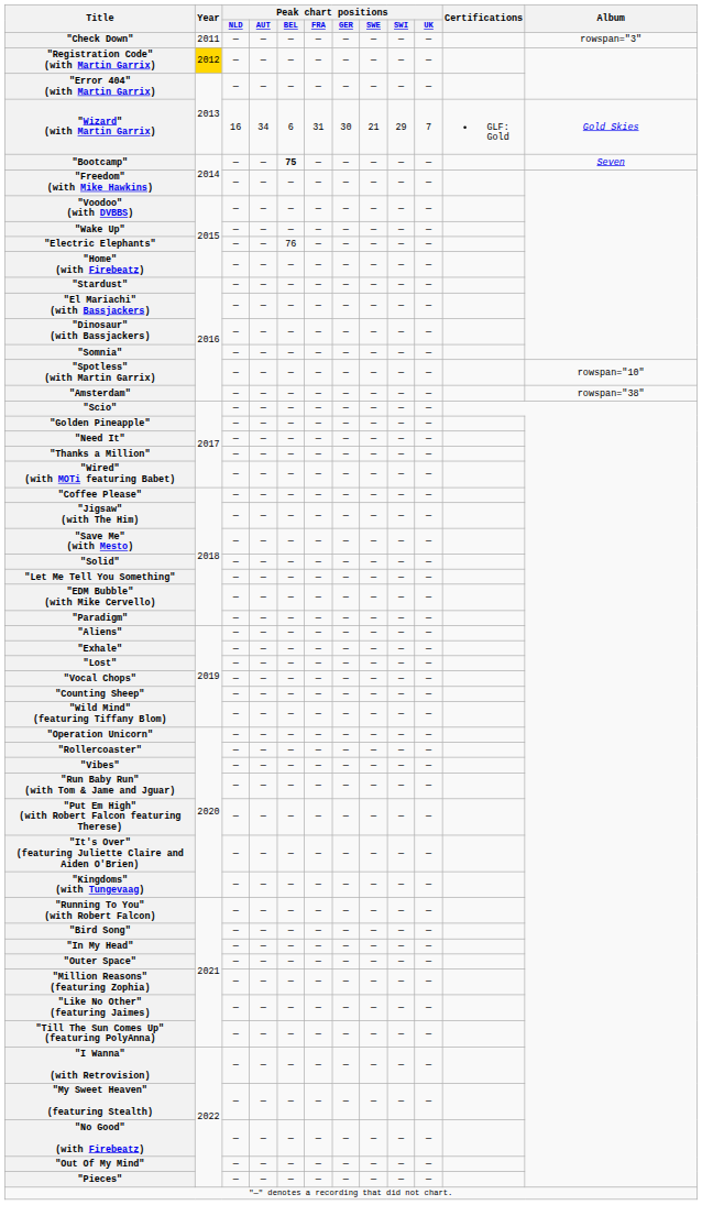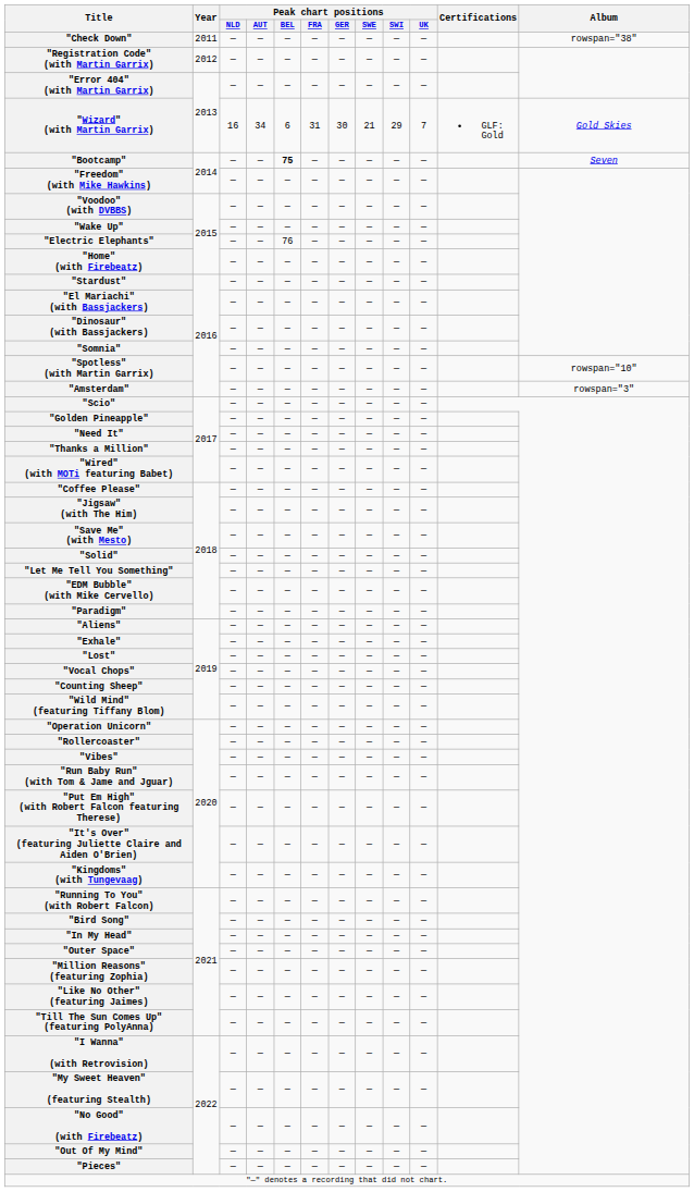 <table class="wikitable plainrowheaders" style="text-align:center;" border="1">
 <tr>
 <th scope="col" rowspan="2" style="width:20em;">Title</th>
 <th scope="col" rowspan="2" style="width:1em;">Year</th>
 <th scope="col" colspan="8">Peak chart positions</th>
 <th scope="col" rowspan="2" style="width:3em;">Certifications</th>
 <th scope="col" rowspan="2" style="width:18em;">Album</th>
 </tr>
 <tr>
 <th scope="col" style="width:3em;font-size:85%;"><a href='#'>NLD</a><br></th>
 <th scope="col" style="width:3em;font-size:85%;"><a href='#'>AUT</a><br></th>
 <th scope="col" style="width:3em;font-size:85%;"><a href='#'>BEL</a><br></th>
 <th scope="col" style="width:3em;font-size:85%;"><a href='#'>FRA</a><br></th>
 <th scope="col" style="width:3em;font-size:85%;"><a href='#'>GER</a><br></th>
 <th scope="col" style="width:3em;font-size:85%;"><a href='#'>SWE</a><br></th>
 <th scope="col" style="width:3em;font-size:85%;"><a href='#'>SWI</a><br></th>
 <th scope="col" style="width:3em;font-size:85%;"><a href='#'>UK</a></th>
 </tr>
 <tr>
 <th scope="row">"Check Down"</th>
 <td>2011</td>
 <td>—</td>
 <td>—</td>
 <td>—</td>
 <td>—</td>
 <td>—</td>
 <td>—</td>
 <td>—</td>
 <td>—</td>
 <td></td>
-<td>rowspan="3" </td>
+<td>rowspan="38" </td>
 </tr>
 <tr>
 <th scope="row">"Registration Code"<br><span>(with <a href='#'>Martin Garrix</a>)</span></th>
-<td rowspan="1" style="background: gold;">2012</td>
+<td rowspan="1">2012</td>
 <td>—</td>
 <td>—</td>
 <td>—</td>
 <td>—</td>
 <td>—</td>
 <td>—</td>
 <td>—</td>
 <td>—</td>
 <td></td>
 </tr>
 <tr>
 <th scope="row">"Error 404"<br><span>(with <a href='#'>Martin Garrix</a>)</span></th>
 <td rowspan="2">2013</td>
 <td>—</td>
 <td>—</td>
 <td>—</td>
 <td>—</td>
 <td>—</td>
 <td>—</td>
 <td>—</td>
 <td>—</td>
 <td></td>
 </tr>
 <tr>
 <th scope="row">"<a href='#'>Wizard</a>"<br><span>(with <a href='#'>Martin Garrix</a>)</span></th>
 <td>16</td>
 <td>34</td>
 <td>6</td>
 <td>31</td>
 <td>30</td>
 <td>21</td>
 <td>29</td>
 <td>7</td>
 <td><br><ul><li>GLF: Gold</li></ul></td>
 <td><em><a href='#'>Gold Skies</a></em></td>
 </tr>
 <tr>
 <th scope="row">"Bootcamp"</th>
 <td rowspan="2">2014</td>
 <td>—</td>
 <td>—</td>
 <td><strong>75</strong></td>
 <td>—</td>
 <td>—</td>
 <td>—</td>
 <td>—</td>
 <td>—</td>
 <td></td>
 <td><em><a href='#'>Seven</a></em></td>
 </tr>
 <tr>
 <th scope="row">"Freedom"<br><span>(with <a href='#'>Mike Hawkins</a>)</span></th>
 <td>—</td>
 <td>—</td>
 <td>—</td>
 <td>—</td>
 <td>—</td>
 <td>—</td>
 <td>—</td>
 <td>—</td>
 <td></td>
 </tr>
 <tr>
 <th scope="row">"Voodoo"<br><span>(with <a href='#'>DVBBS</a>)</span></th>
 <td rowspan="4">2015</td>
 <td>—</td>
 <td>—</td>
 <td>—</td>
 <td>—</td>
 <td>—</td>
 <td>—</td>
 <td>—</td>
 <td>—</td>
 <td></td>
 </tr>
 <tr>
 <th scope="row">"Wake Up"</th>
 <td>—</td>
 <td>—</td>
 <td>—</td>
 <td>—</td>
 <td>—</td>
 <td>—</td>
 <td>—</td>
 <td>—</td>
 <td></td>
 </tr>
 <tr>
 <th scope="row">"Electric Elephants"</th>
 <td>—</td>
 <td>—</td>
 <td>76</td>
 <td>—</td>
 <td>—</td>
 <td>—</td>
 <td>—</td>
 <td>—</td>
 <td></td>
 </tr>
 <tr>
 <th scope="row">"Home"<br><span>(with <a href='#'>Firebeatz</a>)</span></th>
 <td>—</td>
 <td>—</td>
 <td>—</td>
 <td>—</td>
 <td>—</td>
 <td>—</td>
 <td>—</td>
 <td>—</td>
 <td></td>
 </tr>
 <tr>
 <th scope="row">"Stardust"</th>
 <td rowspan="6">2016</td>
 <td>—</td>
 <td>—</td>
 <td>—</td>
 <td>—</td>
 <td>—</td>
 <td>—</td>
 <td>—</td>
 <td>—</td>
 <td></td>
 </tr>
 <tr>
 <th scope="row">"El Mariachi"<br><span>(with <a href='#'>Bassjackers</a>)</span></th>
 <td>—</td>
 <td>—</td>
 <td>—</td>
 <td>—</td>
 <td>—</td>
 <td>—</td>
 <td>—</td>
 <td>—</td>
 <td></td>
 </tr>
 <tr>
 <th scope="row">"Dinosaur"<br><span>(with Bassjackers)</span></th>
 <td>—</td>
 <td>—</td>
 <td>—</td>
 <td>—</td>
 <td>—</td>
 <td>—</td>
 <td>—</td>
 <td>—</td>
 <td></td>
 </tr>
 <tr>
 <th scope="row">"Somnia"</th>
 <td>—</td>
 <td>—</td>
 <td>—</td>
 <td>—</td>
 <td>—</td>
 <td>—</td>
 <td>—</td>
 <td>—</td>
 <td></td>
 </tr>
 <tr>
 <th scope="row">"Spotless"<br><span>(with Martin Garrix)</span></th>
 <td>—</td>
 <td>—</td>
 <td>—</td>
 <td>—</td>
 <td>—</td>
 <td>—</td>
 <td>—</td>
 <td>—</td>
 <td></td>
 <td>rowspan="10" </td>
 </tr>
 <tr>
 <th scope="row">"Amsterdam"</th>
 <td>—</td>
 <td>—</td>
 <td>—</td>
 <td>—</td>
 <td>—</td>
 <td>—</td>
 <td>—</td>
 <td>—</td>
 <td></td>
-<td>rowspan="38" </td>
+<td>rowspan="3" </td>
 </tr>
 <tr>
 <th scope="row">"Scio"</th>
 <td rowspan="5">2017</td>
 <td>—</td>
 <td>—</td>
 <td>—</td>
 <td>—</td>
 <td>—</td>
 <td>—</td>
 <td>—</td>
 <td>—</td>
 </tr>
 <tr>
 <th scope="row">"Golden Pineapple"</th>
 <td>—</td>
 <td>—</td>
 <td>—</td>
 <td>—</td>
 <td>—</td>
 <td>—</td>
 <td>—</td>
 <td>—</td>
 <td></td>
 </tr>
 <tr>
 <th scope="row">"Need It"</th>
 <td>—</td>
 <td>—</td>
 <td>—</td>
 <td>—</td>
 <td>—</td>
 <td>—</td>
 <td>—</td>
 <td>—</td>
 <td></td>
 </tr>
 <tr>
 <th scope="row">"Thanks a Million"</th>
 <td>—</td>
 <td>—</td>
 <td>—</td>
 <td>—</td>
 <td>—</td>
 <td>—</td>
 <td>—</td>
 <td>—</td>
 <td></td>
 </tr>
 <tr>
 <th scope="row">"Wired" <br><span>(with <a href='#'>MOTi</a> featuring Babet)</span></th>
 <td>—</td>
 <td>—</td>
 <td>—</td>
 <td>—</td>
 <td>—</td>
 <td>—</td>
 <td>—</td>
 <td>—</td>
 <td></td>
 </tr>
 <tr>
 <th scope="row">"Coffee Please"</th>
 <td rowspan="7">2018</td>
 <td>—</td>
 <td>—</td>
 <td>—</td>
 <td>—</td>
 <td>—</td>
 <td>—</td>
 <td>—</td>
 <td>—</td>
 <td></td>
 </tr>
 <tr>
 <th scope="row">"Jigsaw" <br><span>(with The Him)</span></th>
 <td>—</td>
 <td>—</td>
 <td>—</td>
 <td>—</td>
 <td>—</td>
 <td>—</td>
 <td>—</td>
 <td>—</td>
 <td></td>
 </tr>
 <tr>
 <th scope="row">"Save Me" <br><span>(with <a href='#'>Mesto</a>)</span></th>
 <td>—</td>
 <td>—</td>
 <td>—</td>
 <td>—</td>
 <td>—</td>
 <td>—</td>
 <td>—</td>
 <td>—</td>
 <td></td>
 </tr>
 <tr>
 <th scope="row">"Solid"</th>
 <td>—</td>
 <td>—</td>
 <td>—</td>
 <td>—</td>
 <td>—</td>
 <td>—</td>
 <td>—</td>
 <td>—</td>
 <td></td>
 </tr>
 <tr>
 <th scope="row">"Let Me Tell You Something"</th>
 <td>—</td>
 <td>—</td>
 <td>—</td>
 <td>—</td>
 <td>—</td>
 <td>—</td>
 <td>—</td>
 <td>—</td>
 <td></td>
 </tr>
 <tr>
 <th scope="row">"EDM Bubble" <br><span>(with Mike Cervello)</span></th>
 <td>—</td>
 <td>—</td>
 <td>—</td>
 <td>—</td>
 <td>—</td>
 <td>—</td>
 <td>—</td>
 <td>—</td>
 <td></td>
 </tr>
 <tr>
 <th scope="row">"Paradigm"</th>
 <td>—</td>
 <td>—</td>
 <td>—</td>
 <td>—</td>
 <td>—</td>
 <td>—</td>
 <td>—</td>
 <td>—</td>
 <td></td>
 </tr>
 <tr>
 <th scope="row">"Aliens"</th>
 <td rowspan="6">2019</td>
 <td>—</td>
 <td>—</td>
 <td>—</td>
 <td>—</td>
 <td>—</td>
 <td>—</td>
 <td>—</td>
 <td>—</td>
 <td></td>
 </tr>
 <tr>
 <th scope="row">"Exhale"</th>
 <td>—</td>
 <td>—</td>
 <td>—</td>
 <td>—</td>
 <td>—</td>
 <td>—</td>
 <td>—</td>
 <td>—</td>
 <td></td>
 </tr>
 <tr>
 <th scope="row">"Lost"</th>
 <td>—</td>
 <td>—</td>
 <td>—</td>
 <td>—</td>
 <td>—</td>
 <td>—</td>
 <td>—</td>
 <td>—</td>
 <td></td>
 </tr>
 <tr>
 <th scope="row">"Vocal Chops"</th>
 <td>—</td>
 <td>—</td>
 <td>—</td>
 <td>—</td>
 <td>—</td>
 <td>—</td>
 <td>—</td>
 <td>—</td>
 <td></td>
 </tr>
 <tr>
 <th scope="row">"Counting Sheep"</th>
 <td>—</td>
 <td>—</td>
 <td>—</td>
 <td>—</td>
 <td>—</td>
 <td>—</td>
 <td>—</td>
 <td>—</td>
 <td></td>
 </tr>
 <tr>
 <th scope="row">"Wild Mind"<br><span>(featuring Tiffany Blom)</span></th>
 <td>—</td>
 <td>—</td>
 <td>—</td>
 <td>—</td>
 <td>—</td>
 <td>—</td>
 <td>—</td>
 <td>—</td>
 <td></td>
 </tr>
 <tr>
 <th scope="row">"Operation Unicorn"</th>
 <td rowspan="7">2020</td>
 <td>—</td>
 <td>—</td>
 <td>—</td>
 <td>—</td>
 <td>—</td>
 <td>—</td>
 <td>—</td>
 <td>—</td>
 <td></td>
 </tr>
 <tr>
 <th scope="row">"Rollercoaster"</th>
 <td>—</td>
 <td>—</td>
 <td>—</td>
 <td>—</td>
 <td>—</td>
 <td>—</td>
 <td>—</td>
 <td>—</td>
 <td></td>
 </tr>
 <tr>
 <th scope="row">"Vibes"</th>
 <td>—</td>
 <td>—</td>
 <td>—</td>
 <td>—</td>
 <td>—</td>
 <td>—</td>
 <td>—</td>
 <td>—</td>
 <td></td>
 </tr>
 <tr>
 <th scope="row">"Run Baby Run" <br><span>(with Tom & Jame and Jguar)</span></th>
 <td>—</td>
 <td>—</td>
 <td>—</td>
 <td>—</td>
 <td>—</td>
 <td>—</td>
 <td>—</td>
 <td>—</td>
 <td></td>
 </tr>
 <tr>
 <th scope="row">"Put Em High" <br><span>(with Robert Falcon featuring Therese)</span></th>
 <td>—</td>
 <td>—</td>
 <td>—</td>
 <td>—</td>
 <td>—</td>
 <td>—</td>
 <td>—</td>
 <td>—</td>
 <td></td>
 </tr>
 <tr>
 <th scope="row">"It's Over" <br><span>(featuring Juliette Claire and Aiden O'Brien)</span></th>
 <td>—</td>
 <td>—</td>
 <td>—</td>
 <td>—</td>
 <td>—</td>
 <td>—</td>
 <td>—</td>
 <td>—</td>
 <td></td>
 </tr>
 <tr>
 <th scope="row">"Kingdoms" <br><span>(with <a href='#'>Tungevaag</a>)</span></th>
 <td>—</td>
 <td>—</td>
 <td>—</td>
 <td>—</td>
 <td>—</td>
 <td>—</td>
 <td>—</td>
 <td>—</td>
 <td></td>
 </tr>
 <tr>
 <th scope="row">"Running To You" <br><span>(with Robert Falcon)</span></th>
 <td rowspan="7">2021</td>
 <td>—</td>
 <td>—</td>
 <td>—</td>
 <td>—</td>
 <td>—</td>
 <td>—</td>
 <td>—</td>
 <td>—</td>
 <td></td>
 </tr>
 <tr>
 <th scope="row">"Bird Song"</th>
 <td>—</td>
 <td>—</td>
 <td>—</td>
 <td>—</td>
 <td>—</td>
 <td>—</td>
 <td>—</td>
 <td>—</td>
 <td></td>
 </tr>
 <tr>
 <th scope="row">"In My Head"</th>
 <td>—</td>
 <td>—</td>
 <td>—</td>
 <td>—</td>
 <td>—</td>
 <td>—</td>
 <td>—</td>
 <td>—</td>
 <td></td>
 </tr>
 <tr>
 <th scope="row">"Outer Space"</th>
 <td>—</td>
 <td>—</td>
 <td>—</td>
 <td>—</td>
 <td>—</td>
 <td>—</td>
 <td>—</td>
 <td>—</td>
 <td></td>
 </tr>
 <tr>
 <th scope="row">"Million Reasons"<br><span>(featuring Zophia)</span></th>
 <td>—</td>
 <td>—</td>
 <td>—</td>
 <td>—</td>
 <td>—</td>
 <td>—</td>
 <td>—</td>
 <td>—</td>
 <td></td>
 </tr>
 <tr>
 <th scope="row">"Like No Other"<br><span>(featuring Jaimes)</span></th>
 <td>—</td>
 <td>—</td>
 <td>—</td>
 <td>—</td>
 <td>—</td>
 <td>—</td>
 <td>—</td>
 <td>—</td>
 <td></td>
 </tr>
 <tr>
 <th scope="row">"Till The Sun Comes Up"<br><span>(featuring PolyAnna)</span></th>
 <td>—</td>
 <td>—</td>
 <td>—</td>
 <td>—</td>
 <td>—</td>
 <td>—</td>
 <td>—</td>
 <td>—</td>
 <td></td>
 </tr>
 <tr>
 <th scope="row">"I Wanna"<br><br><span>(with Retrovision)</span></th>
 <td rowspan="5">2022</td>
 <td>—</td>
 <td>—</td>
 <td>—</td>
 <td>—</td>
 <td>—</td>
 <td>—</td>
 <td>—</td>
 <td>—</td>
 <td></td>
 </tr>
 <tr>
 <th scope="row">"My Sweet Heaven"<br><br><span>(featuring Stealth)</span></th>
 <td>—</td>
 <td>—</td>
 <td>—</td>
 <td>—</td>
 <td>—</td>
 <td>—</td>
 <td>—</td>
 <td>—</td>
 <td></td>
 </tr>
 <tr>
 <th scope="row">"No Good"<br><br><span>(with <a href='#'>Firebeatz</a>)</span></th>
 <td>—</td>
 <td>—</td>
 <td>—</td>
 <td>—</td>
 <td>—</td>
 <td>—</td>
 <td>—</td>
 <td>—</td>
 <td></td>
 </tr>
 <tr>
 <th scope="row">"Out Of My Mind"</th>
 <td>—</td>
 <td>—</td>
 <td>—</td>
 <td>—</td>
 <td>—</td>
 <td>—</td>
 <td>—</td>
 <td>—</td>
 <td></td>
 </tr>
 <tr>
 <th scope="row">"Pieces"</th>
 <td>—</td>
 <td>—</td>
 <td>—</td>
 <td>—</td>
 <td>—</td>
 <td>—</td>
 <td>—</td>
 <td>—</td>
 <td></td>
 </tr>
 <tr>
 <td colspan="12" style="font-size:85%">"—" denotes a recording that did not chart.</td>
 </tr>
 </table>
